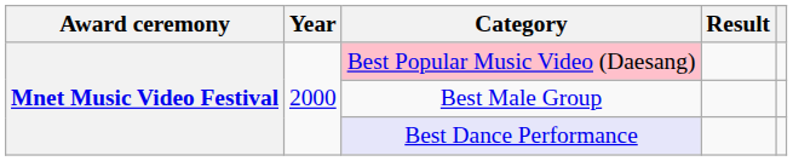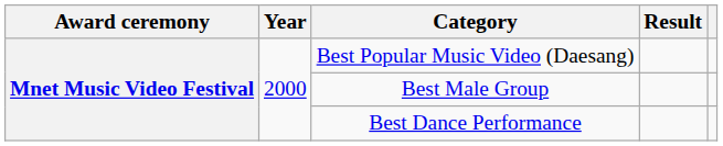 <table class="wikitable sortable plainrowheaders" style="text-align:center">
 <tr>
 <th scope="col">Award ceremony</th>
 <th scope="col">Year</th>
 <th scope="col">Category</th>
 <th scope="col">Result</th>
 <th scope="col" class="unsortable"></th>
 </tr>
 <tr>
 <th rowspan="3" scope="row"><a href='#'>Mnet Music Video Festival</a></th>
 <td rowspan="3"><a href='#'>2000</a></td>
-<td style="background: pink;"><a href='#'>Best Popular Music Video</a> (Daesang)</td>
+<td><a href='#'>Best Popular Music Video</a> (Daesang)</td>
 <td></td>
 <td></td>
 </tr>
 <tr>
 <td><a href='#'>Best Male Group</a></td>
 <td></td>
 <td></td>
 </tr>
 <tr>
-<td style="background: lavender;"><a href='#'>Best Dance Performance</a></td>
+<td><a href='#'>Best Dance Performance</a></td>
 <td></td>
 <td></td>
 </tr>
 </table>
